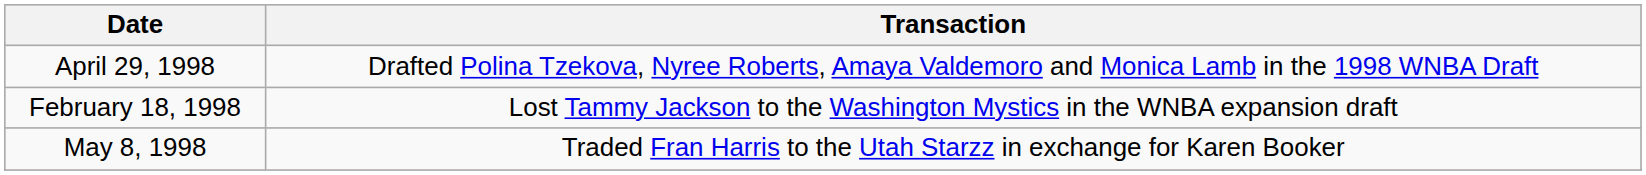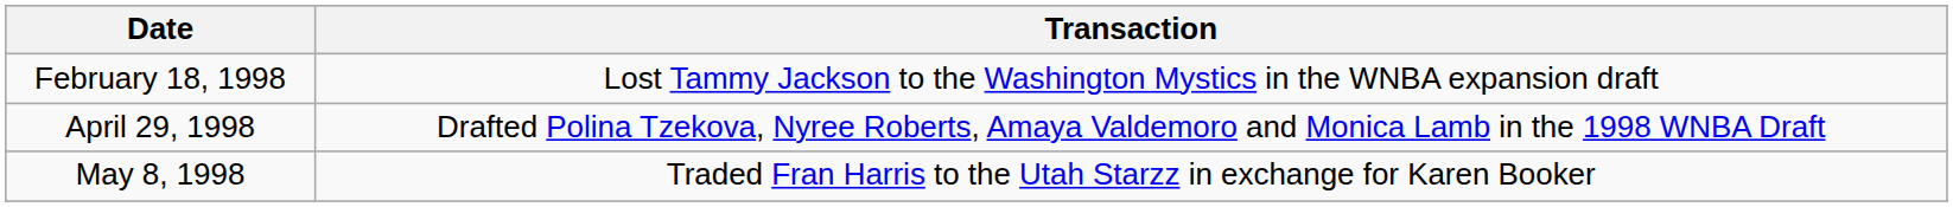 <table class="wikitable" style="width:80%; text-align: center;">
 <tr>
 <th>Date</th>
 <th>Transaction</th>
 </tr>
 <tr>
+<td>February 18, 1998</td>
+<td>Lost <a href='#'>Tammy Jackson</a> to the <a href='#'>Washington Mystics</a> in the WNBA expansion draft</td>
+</tr>
+<tr>
 <td>April 29, 1998</td>
 <td>Drafted <a href='#'>Polina Tzekova</a>, <a href='#'>Nyree Roberts</a>, <a href='#'>Amaya Valdemoro</a> and <a href='#'>Monica Lamb</a> in the <a href='#'>1998 WNBA Draft</a></td>
-</tr>
-<tr>
-<td>February 18, 1998</td>
-<td>Lost <a href='#'>Tammy Jackson</a> to the <a href='#'>Washington Mystics</a> in the WNBA expansion draft</td>
 </tr>
 <tr>
 <td>May 8, 1998</td>
 <td>Traded <a href='#'>Fran Harris</a> to the <a href='#'>Utah Starzz</a> in exchange for Karen Booker</td>
 </tr>
 </table>
